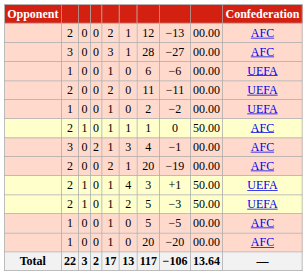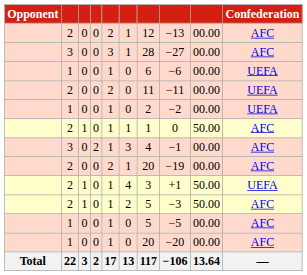 <table class="wikitable sortable" style="text-align:center;">
 <tr style="color:white">
 <th style="background-color:#D32011;color:white">Opponent</th>
 <th style="background-color:#D32011;"></th>
 <th style="background-color:#D32011;"></th>
 <th style="background-color:#D32011;"></th>
 <th style="background-color:#D32011;"></th>
 <th style="background-color:#D32011;"></th>
 <th style="background-color:#D32011;"></th>
 <th style="background-color:#D32011;"></th>
 <th style="background-color:#D32011;"></th>
 <th style="background-color:#D32011;color:white">Confederation</th>
 </tr>
 <tr bgcolor=FFDACC>
 <td style="text-align:left;"></td>
 <td>2</td>
 <td>0</td>
 <td>0</td>
 <td>2</td>
 <td>1</td>
 <td>12</td>
 <td>−13</td>
 <td>00.00</td>
 <td><a href='#'>AFC</a></td>
 </tr>
 <tr bgcolor=FFDACC>
 <td style="text-align:left;"></td>
 <td>3</td>
 <td>0</td>
 <td>0</td>
 <td>3</td>
 <td>1</td>
 <td>28</td>
 <td>−27</td>
 <td>00.00</td>
 <td><a href='#'>AFC</a></td>
 </tr>
 <tr bgcolor=FFDACC>
 <td style="text-align:left;"></td>
 <td>1</td>
 <td>0</td>
 <td>0</td>
 <td>1</td>
 <td>0</td>
 <td>6</td>
 <td>−6</td>
 <td>00.00</td>
 <td><a href='#'>UEFA</a></td>
 </tr>
 <tr bgcolor=FFDACC>
 <td style="text-align:left;"></td>
 <td>2</td>
 <td>0</td>
 <td>0</td>
 <td>2</td>
 <td>0</td>
 <td>11</td>
 <td>−11</td>
 <td>00.00</td>
 <td><a href='#'>UEFA</a></td>
 </tr>
 <tr bgcolor=FFDACC>
 <td style="text-align:left;"></td>
 <td>1</td>
 <td>0</td>
 <td>0</td>
 <td>1</td>
 <td>0</td>
 <td>2</td>
 <td>−2</td>
 <td>00.00</td>
 <td><a href='#'>UEFA</a></td>
 </tr>
 <tr bgcolor=FFFFCC>
 <td style="text-align:left;"></td>
 <td>2</td>
 <td>1</td>
 <td>0</td>
 <td>1</td>
 <td>1</td>
 <td>1</td>
 <td>0</td>
 <td>50.00</td>
 <td><a href='#'>AFC</a></td>
 </tr>
 <tr bgcolor=FFDACC>
 <td style="text-align:left;"></td>
 <td>3</td>
 <td>0</td>
 <td>2</td>
 <td>1</td>
 <td>3</td>
 <td>4</td>
 <td>−1</td>
 <td>00.00</td>
 <td><a href='#'>AFC</a></td>
 </tr>
 <tr bgcolor=FFDACC>
 <td style="text-align:left;"></td>
 <td>2</td>
 <td>0</td>
 <td>0</td>
 <td>2</td>
 <td>1</td>
 <td>20</td>
 <td>−19</td>
 <td>00.00</td>
 <td><a href='#'>AFC</a></td>
 </tr>
 <tr bgcolor=FFFFCC>
 <td style="text-align:left;"></td>
 <td>2</td>
 <td>1</td>
 <td>0</td>
 <td>1</td>
 <td>4</td>
 <td>3</td>
 <td>+1</td>
 <td>50.00</td>
 <td><a href='#'>UEFA</a></td>
 </tr>
 <tr bgcolor=FFFFCC>
 <td style="text-align:left;"></td>
 <td>2</td>
 <td>1</td>
 <td>0</td>
 <td>1</td>
 <td>2</td>
 <td>5</td>
 <td>−3</td>
 <td>50.00</td>
-<td><a href='#'>UEFA</a></td>
+<td><a href='#'>AFC</a></td>
 </tr>
 <tr bgcolor=FFDACC>
 <td style="text-align:left;"></td>
 <td>1</td>
 <td>0</td>
 <td>0</td>
 <td>1</td>
 <td>0</td>
 <td>5</td>
 <td>−5</td>
 <td>00.00</td>
 <td><a href='#'>AFC</a></td>
 </tr>
 <tr bgcolor=FFDACC>
 <td style="text-align:left;"></td>
 <td>1</td>
 <td>0</td>
 <td>0</td>
 <td>1</td>
 <td>0</td>
 <td>20</td>
 <td>−20</td>
 <td>00.00</td>
 <td><a href='#'>AFC</a></td>
 </tr>
 <tr>
 <th>Total</th>
 <th>22</th>
 <th>3</th>
 <th>2</th>
 <th>17</th>
 <th>13</th>
 <th>117</th>
 <th>−106</th>
 <th>13.64</th>
 <th>—</th>
 </tr>
 </table>
